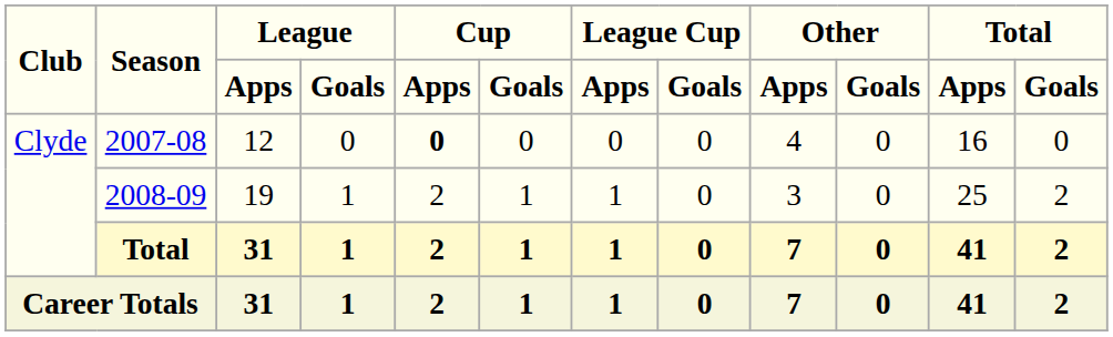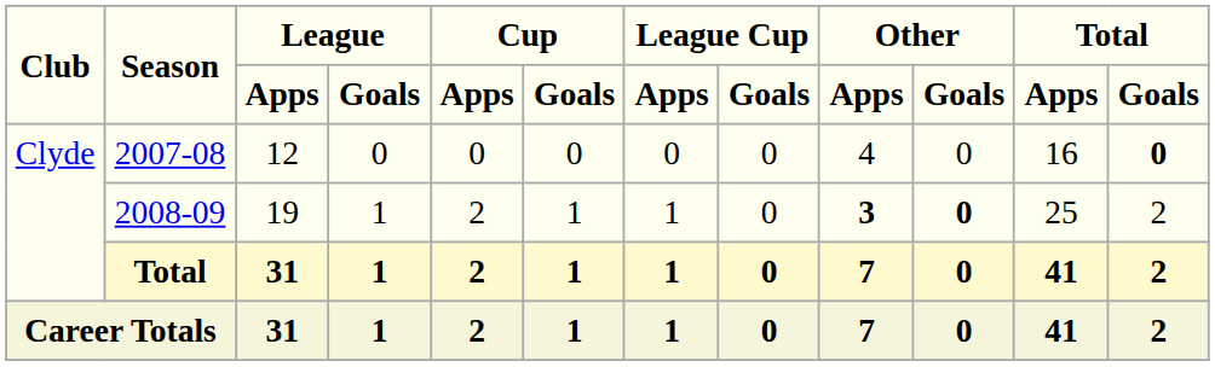 <table border=1 align=center cellpadding=4 cellspacing=2 style="background: ivory; font-size: 95%; border: 1px #aaaaaa solid; border-collapse: collapse; clear:center">
 <tr>
 <th rowspan="2">Club</th>
 <th rowspan="2">Season</th>
 <th colspan="2">League</th>
 <th colspan="2">Cup</th>
 <th colspan="2">League Cup</th>
 <th colspan="2">Other</th>
 <th colspan="2">Total</th>
 </tr>
 <tr>
 <th>Apps</th>
 <th>Goals</th>
 <th>Apps</th>
 <th>Goals</th>
 <th>Apps</th>
 <th>Goals</th>
 <th>Apps</th>
 <th>Goals</th>
 <th>Apps</th>
 <th>Goals</th>
 </tr>
 <tr align=center>
 <td rowspan="3" valign=top><a href='#'>Clyde</a></td>
 <td><a href='#'>2007-08</a></td>
 <td>12</td>
 <td>0</td>
-<td><strong>0</strong></td>
+<td>0</td>
 <td>0</td>
 <td>0</td>
 <td>0</td>
 <td>4</td>
 <td>0</td>
 <td>16</td>
-<td>0</td>
+<td><strong>0</strong></td>
 </tr>
 <tr align=center>
 <td><a href='#'>2008-09</a></td>
 <td>19</td>
 <td>1</td>
 <td>2</td>
 <td>1</td>
 <td>1</td>
 <td>0</td>
-<td>3</td>
-<td>0</td>
+<td><strong>3</strong></td>
+<td><strong>0</strong></td>
 <td>25</td>
 <td>2</td>
 </tr>
 <tr style="background:lemonchiffon">
 <th>Total</th>
 <th>31</th>
 <th>1</th>
 <th>2</th>
 <th>1</th>
 <th>1</th>
 <th>0</th>
 <th>7</th>
 <th>0</th>
 <th>41</th>
 <th>2</th>
 </tr>
 <tr style="background:beige">
 <th colspan="2">Career Totals</th>
 <th>31</th>
 <th>1</th>
 <th>2</th>
 <th>1</th>
 <th>1</th>
 <th>0</th>
 <th>7</th>
 <th>0</th>
 <th>41</th>
 <th>2</th>
 </tr>
 </table>
